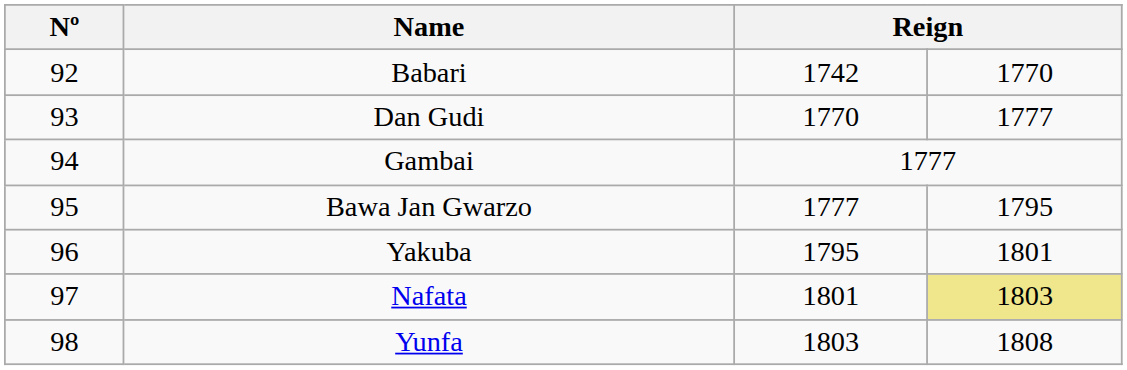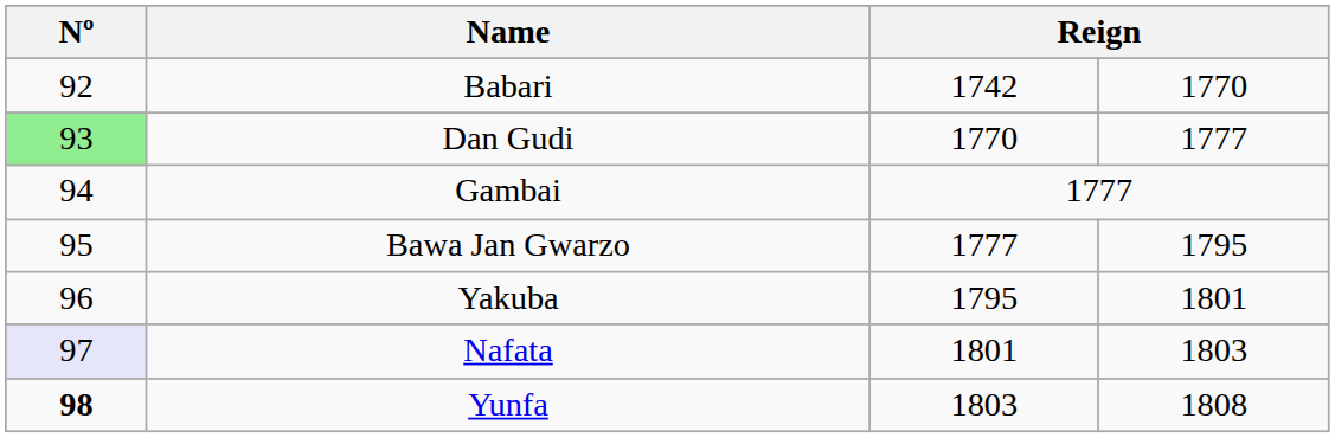 <table width=50%| class="wikitable">
 <tr>
 <th>Nº</th>
 <th>Name</th>
 <th colspan="2">Reign</th>
 </tr>
 <tr>
 <td align="center">92</td>
 <td align="center">Babari</td>
 <td align="center">1742</td>
 <td align="center">1770</td>
 </tr>
 <tr>
-<td align="center">93</td>
+<td align="center" style="background: lightgreen;">93</td>
 <td align="center">Dan Gudi</td>
 <td align="center">1770</td>
 <td align="center">1777</td>
 </tr>
 <tr>
 <td align="center">94</td>
 <td align="center">Gambai</td>
 <td colspan="2" align="center">1777</td>
 </tr>
 <tr>
 <td align="center">95</td>
 <td align="center">Bawa Jan Gwarzo</td>
 <td align="center">1777</td>
 <td align="center">1795</td>
 </tr>
 <tr>
 <td align="center">96</td>
 <td align="center">Yakuba</td>
 <td align="center">1795</td>
 <td align="center">1801</td>
 </tr>
 <tr>
-<td align="center">97</td>
+<td align="center" style="background: lavender;">97</td>
 <td align="center"><a href='#'>Nafata</a></td>
 <td align="center">1801</td>
-<td align="center" style="background: khaki;">1803</td>
+<td align="center">1803</td>
 </tr>
 <tr>
-<td align="center">98</td>
+<td align="center"><strong>98</strong></td>
 <td align="center"><a href='#'>Yunfa</a></td>
 <td align="center">1803</td>
 <td align="center">1808</td>
 </tr>
 </table>
